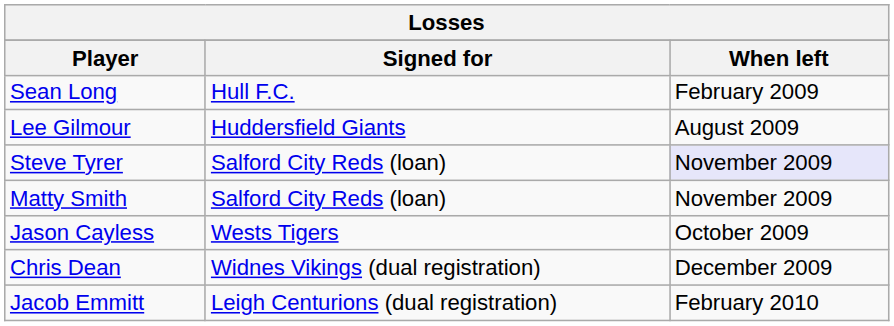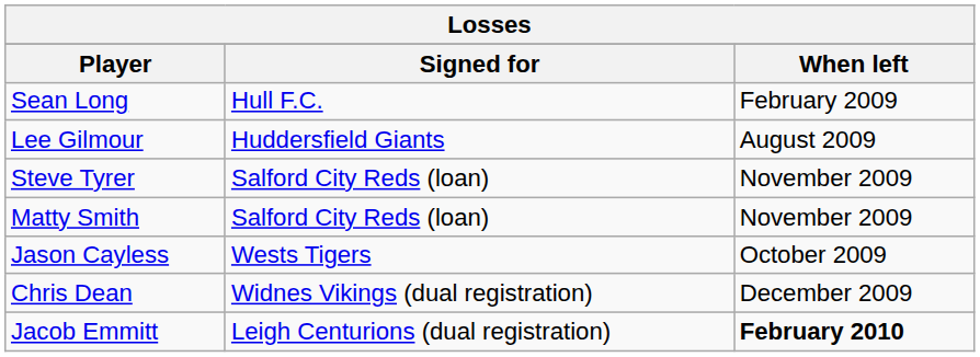 <table class="wikitable" width="65%" style="font-size:90%">
 <tr bgcolor="#efefef">
 <th colspan=11>Losses</th>
 </tr>
 <tr bgcolor="#efefef">
 </tr>
 <tr>
 <th>Player</th>
 <th>Signed for</th>
 <th>When left</th>
 </tr>
 <tr>
 <td><a href='#'>Sean Long</a></td>
 <td><a href='#'>Hull F.C.</a></td>
 <td>February 2009</td>
 </tr>
 <tr>
 <td><a href='#'>Lee Gilmour</a></td>
 <td><a href='#'>Huddersfield Giants</a></td>
 <td>August 2009</td>
 </tr>
 <tr>
 <td><a href='#'>Steve Tyrer</a></td>
 <td><a href='#'>Salford City Reds</a> (loan)</td>
-<td style="background: lavender;">November 2009</td>
+<td>November 2009</td>
 </tr>
 <tr>
 <td><a href='#'>Matty Smith</a></td>
 <td><a href='#'>Salford City Reds</a> (loan)</td>
 <td>November 2009</td>
 </tr>
 <tr>
 <td><a href='#'>Jason Cayless</a></td>
 <td><a href='#'>Wests Tigers</a></td>
 <td>October 2009</td>
 </tr>
 <tr>
 <td><a href='#'>Chris Dean</a></td>
 <td><a href='#'>Widnes Vikings</a> (dual registration)</td>
 <td>December 2009</td>
 </tr>
 <tr>
 <td><a href='#'>Jacob Emmitt</a></td>
 <td><a href='#'>Leigh Centurions</a> (dual registration)</td>
-<td>February 2010</td>
+<td><strong>February 2010</strong></td>
 </tr>
 </table>
